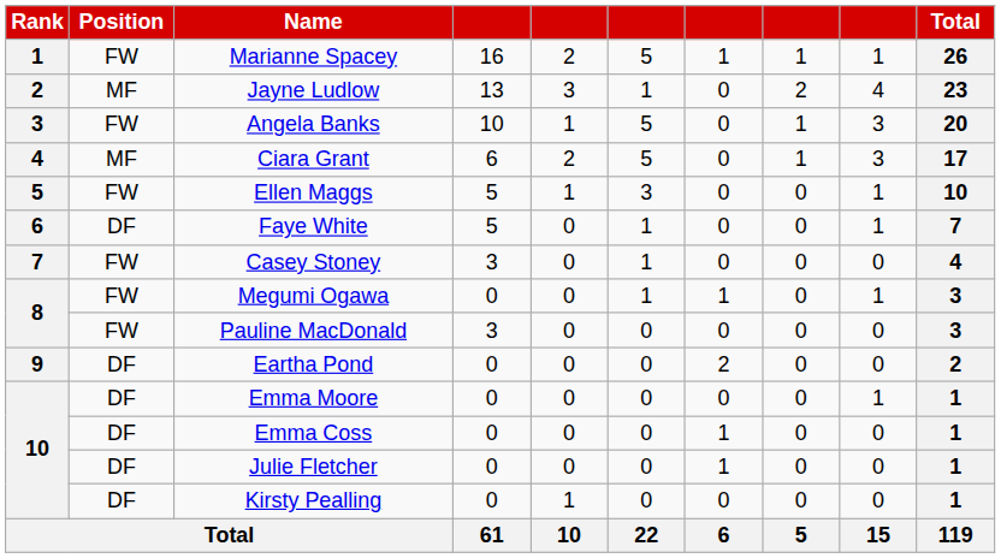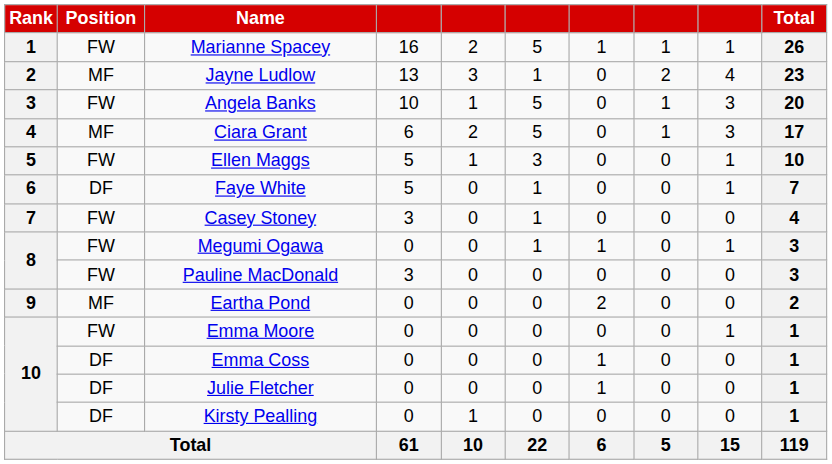 <table class="wikitable" style="text-align:center; font-size:100%; ">
 <tr>
 <th style="background:#d50000; color:white; text-align:center; width:40px">Rank</th>
 <th style="background:#d50000; color:white; text-align:center; width:70px">Position</th>
 <th style="background:#d50000; color:white; text-align:center; width:200px">Name</th>
 <th style="background:#d50000; color:white; text-align:center; width:50px;"></th>
 <th style="background:#d50000; color:white; text-align:center; width:50px;"></th>
 <th style="background:#d50000; color:white; text-align:center; width:50px;"></th>
 <th style="background:#d50000; color:white; text-align:center; width:50px;"></th>
 <th style="background:#d50000; color:white; text-align:center; width:50px;"></th>
 <th style="background:#d50000; color:white; text-align:center; width:50px;"></th>
 <th style="background:#d50000; color:white; text-align:center; width:50px;">Total</th>
 </tr>
 <tr>
 <th>1</th>
 <td>FW</td>
 <td> <a href='#'>Marianne Spacey</a></td>
 <td>16</td>
 <td>2</td>
 <td>5</td>
 <td>1</td>
 <td>1</td>
 <td>1</td>
 <th>26</th>
 </tr>
 <tr>
 <th>2</th>
 <td>MF</td>
 <td> <a href='#'>Jayne Ludlow</a></td>
 <td>13</td>
 <td>3</td>
 <td>1</td>
 <td>0</td>
 <td>2</td>
 <td>4</td>
 <th>23</th>
 </tr>
 <tr>
 <th>3</th>
 <td>FW</td>
 <td> <a href='#'>Angela Banks</a></td>
 <td>10</td>
 <td>1</td>
 <td>5</td>
 <td>0</td>
 <td>1</td>
 <td>3</td>
 <th>20</th>
 </tr>
 <tr>
 <th>4</th>
 <td>MF</td>
 <td> <a href='#'>Ciara Grant</a></td>
 <td>6</td>
 <td>2</td>
 <td>5</td>
 <td>0</td>
 <td>1</td>
 <td>3</td>
 <th>17</th>
 </tr>
 <tr>
 <th>5</th>
 <td>FW</td>
 <td> <a href='#'>Ellen Maggs</a></td>
 <td>5</td>
 <td>1</td>
 <td>3</td>
 <td>0</td>
 <td>0</td>
 <td>1</td>
 <th>10</th>
 </tr>
 <tr>
 <th>6</th>
 <td>DF</td>
 <td> <a href='#'>Faye White</a></td>
 <td>5</td>
 <td>0</td>
 <td>1</td>
 <td>0</td>
 <td>0</td>
 <td>1</td>
 <th>7</th>
 </tr>
 <tr>
 <th>7</th>
 <td>FW</td>
 <td> <a href='#'>Casey Stoney</a></td>
 <td>3</td>
 <td>0</td>
 <td>1</td>
 <td>0</td>
 <td>0</td>
 <td>0</td>
 <th>4</th>
 </tr>
 <tr>
 <th rowspan="2">8</th>
 <td>FW</td>
 <td> <a href='#'>Megumi Ogawa</a></td>
 <td>0</td>
 <td>0</td>
 <td>1</td>
 <td>1</td>
 <td>0</td>
 <td>1</td>
 <th>3</th>
 </tr>
 <tr>
 <td>FW</td>
 <td> <a href='#'>Pauline MacDonald</a></td>
 <td>3</td>
 <td>0</td>
 <td>0</td>
 <td>0</td>
 <td>0</td>
 <td>0</td>
 <th>3</th>
 </tr>
 <tr>
 <th>9</th>
-<td>DF</td>
+<td>MF</td>
 <td> <a href='#'>Eartha Pond</a></td>
 <td>0</td>
 <td>0</td>
 <td>0</td>
 <td>2</td>
 <td>0</td>
 <td>0</td>
 <th>2</th>
 </tr>
 <tr>
 <th rowspan="4">10</th>
-<td>DF</td>
+<td>FW</td>
 <td><a href='#'>Emma Moore</a></td>
 <td>0</td>
 <td>0</td>
 <td>0</td>
 <td>0</td>
 <td>0</td>
 <td>1</td>
 <th>1</th>
 </tr>
 <tr>
 <td>DF</td>
 <td> <a href='#'>Emma Coss</a></td>
 <td>0</td>
 <td>0</td>
 <td>0</td>
 <td>1</td>
 <td>0</td>
 <td>0</td>
 <th>1</th>
 </tr>
 <tr>
 <td>DF</td>
 <td> <a href='#'>Julie Fletcher</a></td>
 <td>0</td>
 <td>0</td>
 <td>0</td>
 <td>1</td>
 <td>0</td>
 <td>0</td>
 <th>1</th>
 </tr>
 <tr>
 <td>DF</td>
 <td> <a href='#'>Kirsty Pealling</a></td>
 <td>0</td>
 <td>1</td>
 <td>0</td>
 <td>0</td>
 <td>0</td>
 <td>0</td>
 <th>1</th>
 </tr>
 <tr>
 <th colspan="3">Total</th>
 <th>61</th>
 <th>10</th>
 <th>22</th>
 <th>6</th>
 <th>5</th>
 <th>15</th>
 <th>119</th>
 </tr>
 </table>
